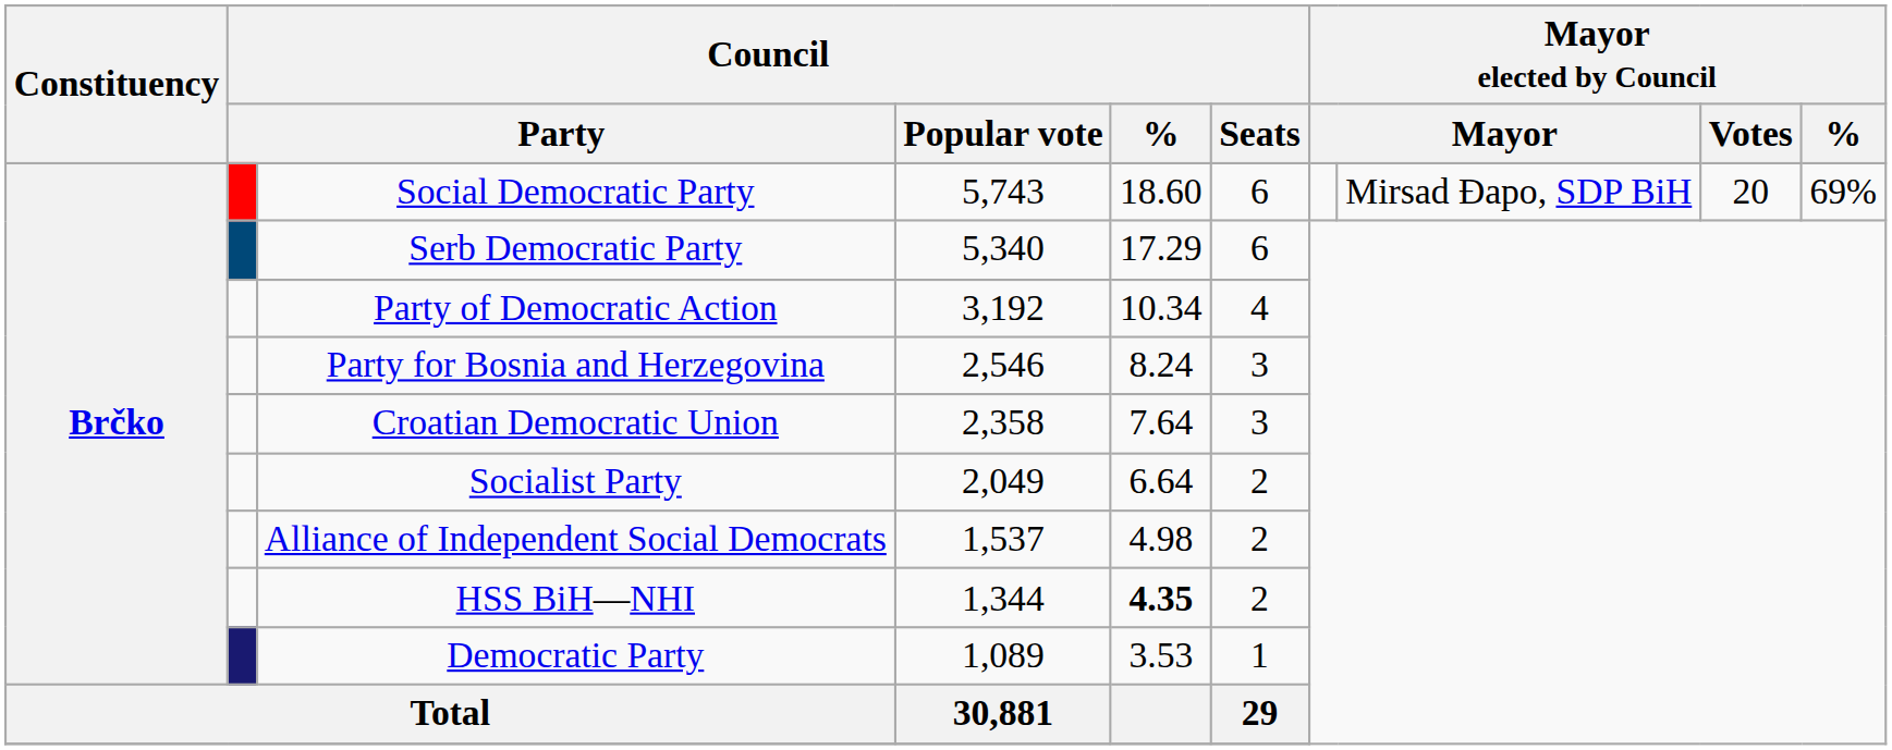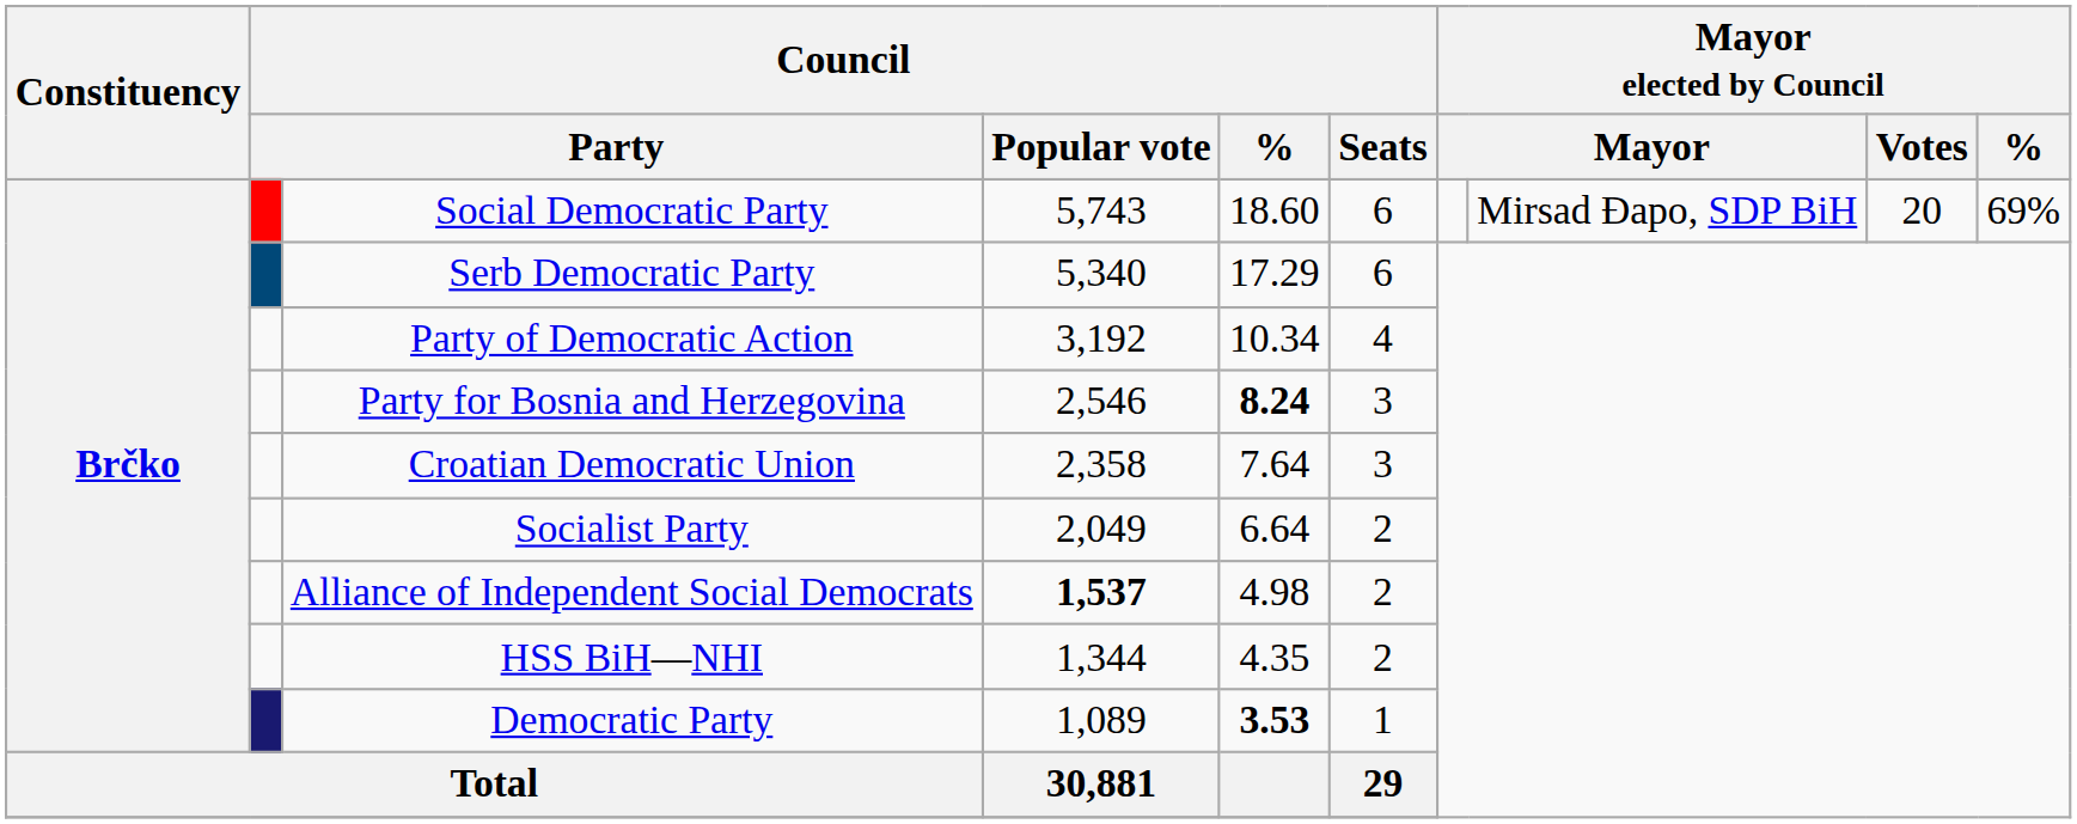 <table class="wikitable">
 <tr>
 <th rowspan=2>Constituency</th>
 <th colspan=5>Council</th>
 <th colspan=5>Mayor<br><small>elected by Council</small></th>
 </tr>
 <tr>
 <th colspan=2>Party</th>
 <th>Popular vote</th>
 <th>%</th>
 <th>Seats</th>
 <th colspan=2>Mayor</th>
 <th>Votes</th>
 <th>%</th>
 </tr>
 <tr>
 <th rowspan=9><a href='#'>Brčko</a></th>
 <td width=5px style="background-color:#FF0000"></td>
 <td align=center><a href='#'>Social Democratic Party</a></td>
 <td align=center>5,743</td>
 <td align=center>18.60</td>
 <td align=center>6</td>
 <td width=5px style="background-color:"></td>
 <td>Mirsad Đapo, <a href='#'>SDP BiH</a></td>
 <td align=center>20</td>
 <td align=center>69%</td>
 </tr>
 <tr>
 <td width=5px style="background-color:#004878"></td>
 <td align=center><a href='#'>Serb Democratic Party</a></td>
 <td align=center>5,340</td>
 <td align=center>17.29</td>
 <td align=center>6</td>
 </tr>
 <tr>
 <td width=5px style="background-color:"></td>
 <td align=center><a href='#'>Party of Democratic Action</a></td>
 <td align=center>3,192</td>
 <td align=center>10.34</td>
 <td align=center>4</td>
 </tr>
 <tr>
 <td width=5px style="background-color:"></td>
 <td align=center><a href='#'>Party for Bosnia and Herzegovina</a></td>
 <td align=center>2,546</td>
-<td align=center>8.24</td>
+<td align=center><strong>8.24</strong></td>
 <td align=center>3</td>
 </tr>
 <tr>
 <td width=5px style="background-color:"></td>
 <td align=center><a href='#'>Croatian Democratic Union</a></td>
 <td align=center>2,358</td>
 <td align=center>7.64</td>
 <td align=center>3</td>
 </tr>
 <tr>
 <td width=5px style="background-color:"></td>
 <td align=center><a href='#'>Socialist Party</a></td>
 <td align=center>2,049</td>
 <td align=center>6.64</td>
 <td align=center>2</td>
 </tr>
 <tr>
 <td width=5px style="background-color:"></td>
 <td align=center><a href='#'>Alliance of Independent Social Democrats</a></td>
-<td align=center>1,537</td>
+<td align=center><strong>1,537</strong></td>
 <td align=center>4.98</td>
 <td align=center>2</td>
 </tr>
 <tr>
 <td width=5px style="background-color:"></td>
 <td align=center><a href='#'>HSS BiH</a>—<a href='#'>NHI</a></td>
 <td align=center>1,344</td>
-<td align=center><strong>4.35</strong></td>
+<td align=center>4.35</td>
 <td align=center>2</td>
 </tr>
 <tr>
 <td width=5px style="background-color:#191970"></td>
 <td align=center><a href='#'>Democratic Party</a></td>
 <td align=center>1,089</td>
-<td align=center>3.53</td>
+<td align=center><strong>3.53</strong></td>
 <td align=center>1</td>
 </tr>
 <tr>
 <th colspan=3><strong>Total</strong></th>
 <th align=center>30,881</th>
 <th align=center></th>
 <th align=center>29</th>
 </tr>
 <tr>
 </tr>
 </table>
